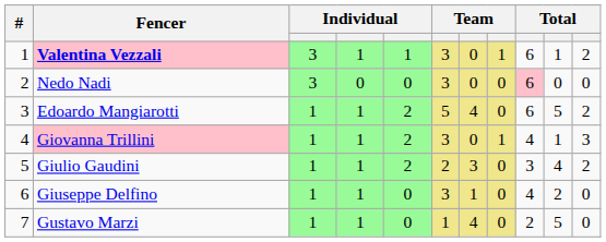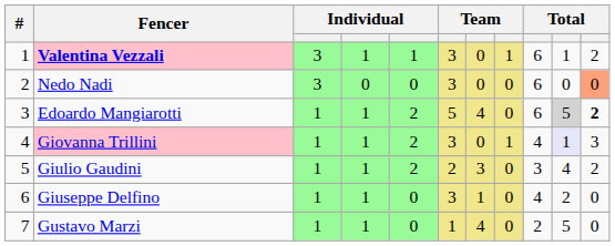 <table class="wikitable" width=40% style="font-size:90%; text-align:center;">
 <tr>
 <th rowspan=2>#</th>
 <th rowspan=2>Fencer</th>
 <th colspan=3>Individual</th>
 <th colspan=3>Team</th>
 <th colspan=3>Total</th>
 </tr>
 <tr>
 <th></th>
 <th></th>
 <th></th>
 <th></th>
 <th></th>
 <th></th>
 <th></th>
 <th></th>
 <th></th>
 </tr>
 <tr>
 <td align=right>1</td>
 <td bgcolor=pink align=left><strong><a href='#'>Valentina Vezzali</a></strong></td>
 <td bgcolor=PaleGreen>3</td>
 <td bgcolor=PaleGreen>1</td>
 <td bgcolor=PaleGreen>1</td>
 <td bgcolor=Khaki>3</td>
 <td bgcolor=Khaki>0</td>
 <td bgcolor=Khaki>1</td>
 <td>6</td>
 <td>1</td>
 <td>2</td>
 </tr>
 <tr>
 <td align=right>2</td>
 <td align=left><a href='#'>Nedo Nadi</a></td>
 <td bgcolor=PaleGreen>3</td>
 <td bgcolor=PaleGreen>0</td>
 <td bgcolor=PaleGreen>0</td>
 <td bgcolor=Khaki>3</td>
 <td bgcolor=Khaki>0</td>
 <td bgcolor=Khaki>0</td>
-<td style="background: pink;">6</td>
+<td>6</td>
 <td>0</td>
-<td>0</td>
+<td style="background: lightsalmon;">0</td>
 </tr>
 <tr>
 <td align=right>3</td>
 <td align=left><a href='#'>Edoardo Mangiarotti</a></td>
 <td bgcolor=PaleGreen>1</td>
 <td bgcolor=PaleGreen>1</td>
 <td bgcolor=PaleGreen>2</td>
 <td bgcolor=Khaki>5</td>
 <td bgcolor=Khaki>4</td>
 <td bgcolor=Khaki>0</td>
 <td>6</td>
-<td>5</td>
-<td>2</td>
+<td style="background: lightgrey;">5</td>
+<td><strong>2</strong></td>
 </tr>
 <tr>
 <td align=right>4</td>
 <td bgcolor=pink align=left><a href='#'>Giovanna Trillini</a></td>
 <td bgcolor=PaleGreen>1</td>
 <td bgcolor=PaleGreen>1</td>
 <td bgcolor=PaleGreen>2</td>
 <td bgcolor=Khaki>3</td>
 <td bgcolor=Khaki>0</td>
 <td bgcolor=Khaki>1</td>
 <td>4</td>
-<td>1</td>
+<td style="background: lavender;">1</td>
 <td>3</td>
 </tr>
 <tr>
 <td align=right>5</td>
 <td align=left><a href='#'>Giulio Gaudini</a></td>
 <td bgcolor=PaleGreen>1</td>
 <td bgcolor=PaleGreen>1</td>
 <td bgcolor=PaleGreen>2</td>
 <td bgcolor=Khaki>2</td>
 <td bgcolor=Khaki>3</td>
 <td bgcolor=Khaki>0</td>
 <td>3</td>
 <td>4</td>
 <td>2</td>
 </tr>
 <tr>
 <td align=right>6</td>
 <td align=left><a href='#'>Giuseppe Delfino</a></td>
 <td bgcolor=PaleGreen>1</td>
 <td bgcolor=PaleGreen>1</td>
 <td bgcolor=PaleGreen>0</td>
 <td bgcolor=Khaki>3</td>
 <td bgcolor=Khaki>1</td>
 <td bgcolor=Khaki>0</td>
 <td>4</td>
 <td>2</td>
 <td>0</td>
 </tr>
 <tr>
 <td align=right>7</td>
 <td align=left><a href='#'>Gustavo Marzi</a></td>
 <td bgcolor=PaleGreen>1</td>
 <td bgcolor=PaleGreen>1</td>
 <td bgcolor=PaleGreen>0</td>
 <td bgcolor=Khaki>1</td>
 <td bgcolor=Khaki>4</td>
 <td bgcolor=Khaki>0</td>
 <td>2</td>
 <td>5</td>
 <td>0</td>
 </tr>
 </table>
